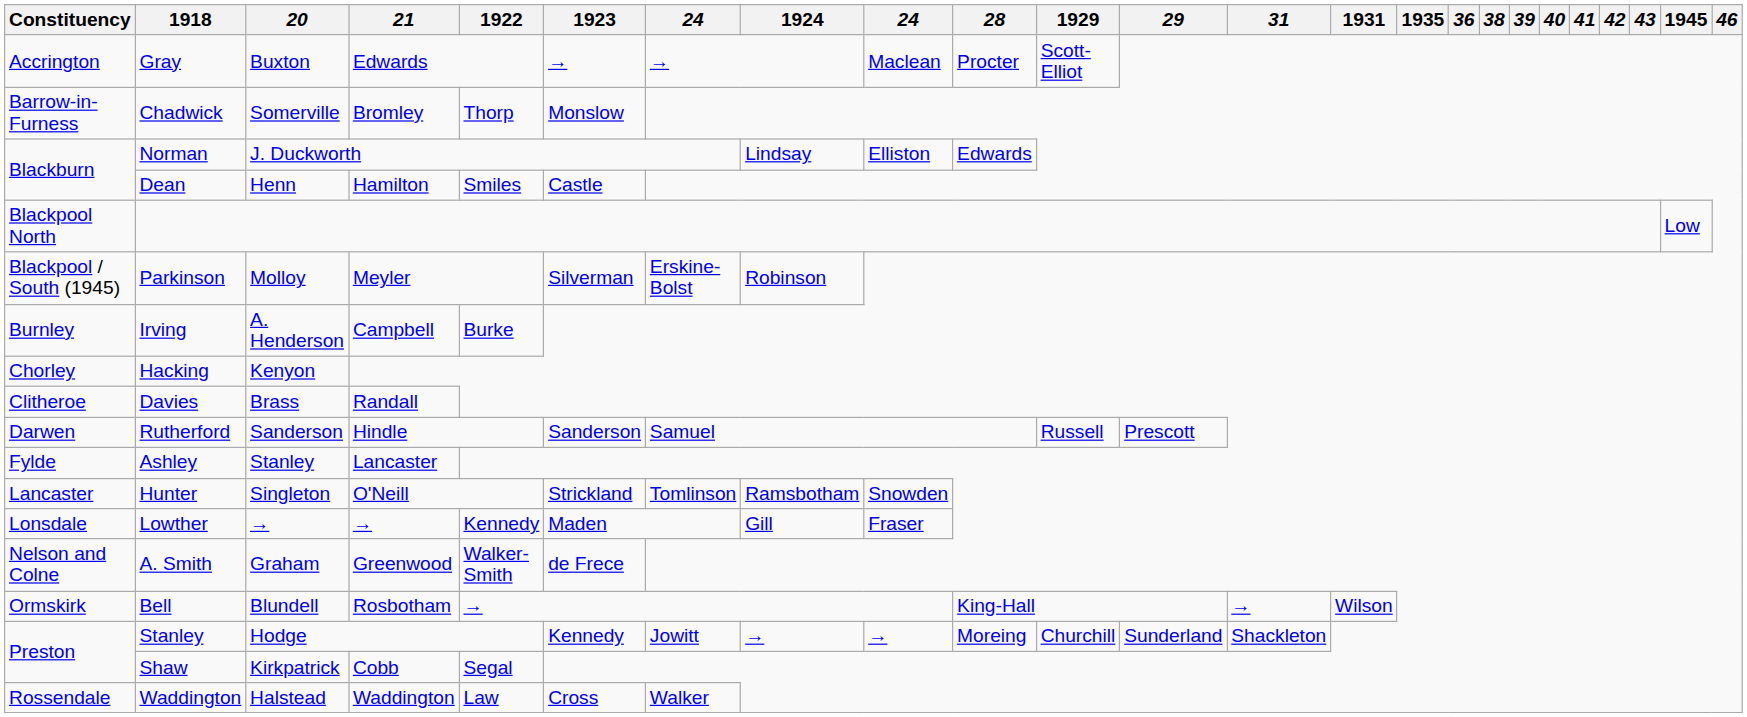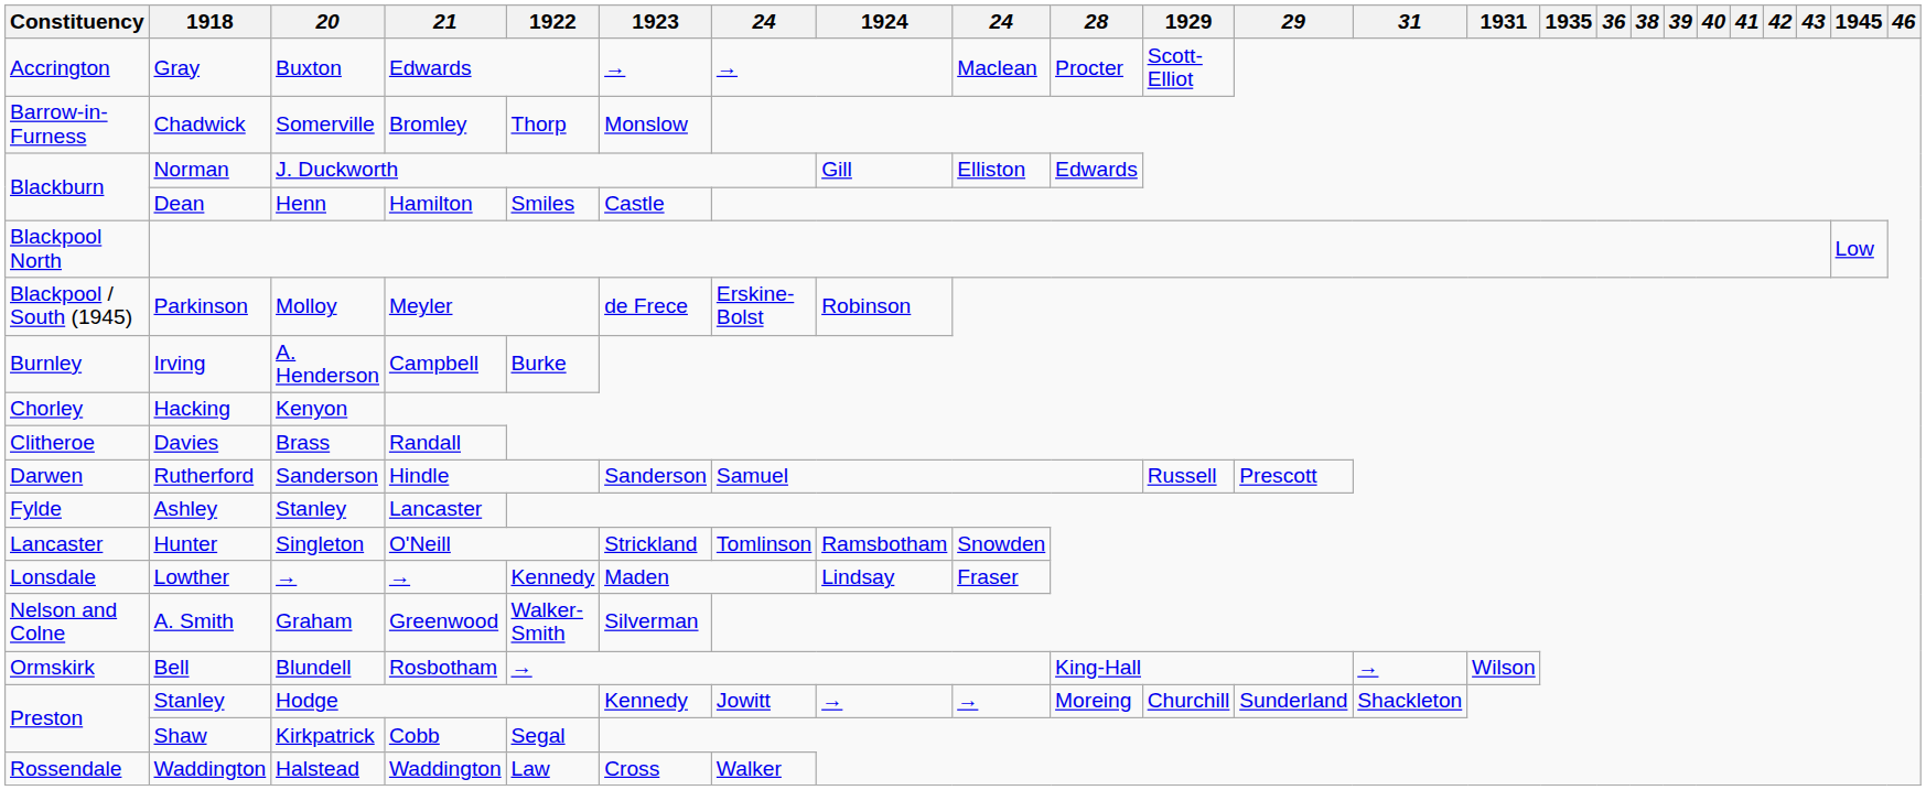 <table class="wikitable">
 <tr>
 <th>Constituency</th>
 <th>1918</th>
 <th><em>20</em></th>
 <th><em>21</em></th>
 <th>1922</th>
 <th>1923</th>
 <th><em>24</em></th>
 <th>1924</th>
 <th><em>24</em></th>
 <th><em>28</em></th>
 <th>1929</th>
 <th><em>29</em></th>
 <th><em>31</em></th>
 <th>1931</th>
 <th>1935</th>
 <th><em>36</em></th>
 <th><em>38</em></th>
 <th><em>39</em></th>
 <th><em>40</em></th>
 <th><em>41</em></th>
 <th><em>42</em></th>
 <th><em>43</em></th>
 <th>1945</th>
 <th><em>46</em></th>
 </tr>
 <tr>
 <td><a href='#'>Accrington</a></td>
 <td><a href='#'>Gray</a></td>
 <td><a href='#'>Buxton</a></td>
 <td colspan="2"><a href='#'>Edwards</a></td>
 <td><a href='#'>→</a></td>
 <td colspan="2"><a href='#'>→</a></td>
 <td><a href='#'>Maclean</a></td>
 <td><a href='#'>Procter</a></td>
 <td><a href='#'>Scott-Elliot</a></td>
 </tr>
 <tr>
 <td><a href='#'>Barrow-in-Furness</a></td>
 <td><a href='#'>Chadwick</a></td>
 <td><a href='#'>Somerville</a></td>
 <td><a href='#'>Bromley</a></td>
 <td><a href='#'>Thorp</a></td>
 <td><a href='#'>Monslow</a></td>
 </tr>
 <tr>
 <td rowspan="2"><a href='#'>Blackburn</a></td>
 <td><a href='#'>Norman</a></td>
 <td colspan="5"><a href='#'>J. Duckworth</a></td>
-<td><a href='#'>Lindsay</a></td>
+<td><a href='#'>Gill</a></td>
 <td><a href='#'>Elliston</a></td>
 <td><a href='#'>Edwards</a></td>
 </tr>
 <tr>
 <td><a href='#'>Dean</a></td>
 <td><a href='#'>Henn</a></td>
 <td><a href='#'>Hamilton</a></td>
 <td><a href='#'>Smiles</a></td>
 <td><a href='#'>Castle</a></td>
 </tr>
 <tr>
 <td><a href='#'>Blackpool North</a></td>
 <td colspan="21"></td>
 <td><a href='#'>Low</a></td>
 </tr>
 <tr>
 <td><a href='#'>Blackpool</a> / <a href='#'>South</a> (1945)</td>
 <td><a href='#'>Parkinson</a></td>
 <td><a href='#'>Molloy</a></td>
 <td colspan="2"><a href='#'>Meyler</a></td>
-<td><a href='#'>Silverman</a></td>
+<td><a href='#'>de Frece</a></td>
 <td><a href='#'>Erskine-Bolst</a></td>
 <td><a href='#'>Robinson</a></td>
 </tr>
 <tr>
 <td><a href='#'>Burnley</a></td>
 <td><a href='#'>Irving</a></td>
 <td><a href='#'>A. Henderson</a></td>
 <td><a href='#'>Campbell</a></td>
 <td><a href='#'>Burke</a></td>
 </tr>
 <tr>
 <td><a href='#'>Chorley</a></td>
 <td><a href='#'>Hacking</a></td>
 <td><a href='#'>Kenyon</a></td>
 </tr>
 <tr>
 <td><a href='#'>Clitheroe</a></td>
 <td><a href='#'>Davies</a></td>
 <td><a href='#'>Brass</a></td>
 <td><a href='#'>Randall</a></td>
 </tr>
 <tr>
 <td><a href='#'>Darwen</a></td>
 <td><a href='#'>Rutherford</a></td>
 <td><a href='#'>Sanderson</a></td>
 <td colspan="2"><a href='#'>Hindle</a></td>
 <td><a href='#'>Sanderson</a></td>
 <td colspan="4"><a href='#'>Samuel</a></td>
 <td><a href='#'>Russell</a></td>
 <td><a href='#'>Prescott</a></td>
 </tr>
 <tr>
 <td><a href='#'>Fylde</a></td>
 <td><a href='#'>Ashley</a></td>
 <td><a href='#'>Stanley</a></td>
 <td><a href='#'>Lancaster</a></td>
 </tr>
 <tr>
 <td><a href='#'>Lancaster</a></td>
 <td><a href='#'>Hunter</a></td>
 <td><a href='#'>Singleton</a></td>
 <td colspan="2"><a href='#'>O'Neill</a></td>
 <td><a href='#'>Strickland</a></td>
 <td><a href='#'>Tomlinson</a></td>
 <td><a href='#'>Ramsbotham</a></td>
 <td><a href='#'>Snowden</a></td>
 </tr>
 <tr>
 <td><a href='#'>Lonsdale</a></td>
 <td><a href='#'>Lowther</a></td>
 <td><a href='#'>→</a></td>
 <td><a href='#'>→</a></td>
 <td><a href='#'>Kennedy</a></td>
 <td colspan="2"><a href='#'>Maden</a></td>
-<td><a href='#'>Gill</a></td>
+<td><a href='#'>Lindsay</a></td>
 <td><a href='#'>Fraser</a></td>
 </tr>
 <tr>
 <td><a href='#'>Nelson and Colne</a></td>
 <td><a href='#'>A. Smith</a></td>
 <td><a href='#'>Graham</a></td>
 <td><a href='#'>Greenwood</a></td>
 <td><a href='#'>Walker-Smith</a></td>
-<td><a href='#'>de Frece</a></td>
+<td><a href='#'>Silverman</a></td>
 </tr>
 <tr>
 <td><a href='#'>Ormskirk</a></td>
 <td><a href='#'>Bell</a></td>
 <td><a href='#'>Blundell</a></td>
 <td><a href='#'>Rosbotham</a></td>
 <td colspan="5"><a href='#'>→</a></td>
 <td colspan="3"><a href='#'>King-Hall</a></td>
 <td><a href='#'>→</a></td>
 <td><a href='#'>Wilson</a></td>
 </tr>
 <tr>
 <td rowspan="2"><a href='#'>Preston</a></td>
 <td><a href='#'>Stanley</a></td>
 <td colspan="3"><a href='#'>Hodge</a></td>
 <td><a href='#'>Kennedy</a></td>
 <td><a href='#'>Jowitt</a></td>
 <td><a href='#'>→</a></td>
 <td><a href='#'>→</a></td>
 <td><a href='#'>Moreing</a></td>
 <td><a href='#'>Churchill</a></td>
 <td><a href='#'>Sunderland</a></td>
 <td><a href='#'>Shackleton</a></td>
 </tr>
 <tr>
 <td><a href='#'>Shaw</a></td>
 <td><a href='#'>Kirkpatrick</a></td>
 <td><a href='#'>Cobb</a></td>
 <td><a href='#'>Segal</a></td>
 </tr>
 <tr>
 <td><a href='#'>Rossendale</a></td>
 <td><a href='#'>Waddington</a></td>
 <td><a href='#'>Halstead</a></td>
 <td><a href='#'>Waddington</a></td>
 <td><a href='#'>Law</a></td>
 <td><a href='#'>Cross</a></td>
 <td><a href='#'>Walker</a></td>
 </tr>
 <tr>
 </tr>
 </table>
